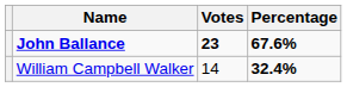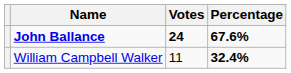 <table class="wikitable">
 <tr>
 <th></th>
 <th>Name</th>
 <th>Votes</th>
 <th>Percentage</th>
 </tr>
 <tr>
 <th style="background-color: "></th>
 <td><strong><a href='#'>John Ballance</a></strong></td>
-<td><strong>23</strong></td>
+<td><strong>24</strong></td>
 <td><strong>67.6%</strong></td>
 </tr>
 <tr>
 <th style="background-color: "></th>
 <td><a href='#'>William Campbell Walker</a></td>
-<td>14</td>
+<td>11</td>
 <td><strong>32.4%</strong></td>
 </tr>
 </table>
